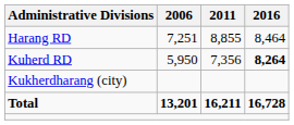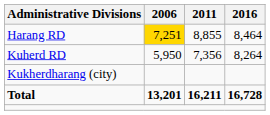 <table class="wikitable">
 <tr>
 <th>Administrative Divisions</th>
 <th>2006</th>
 <th>2011</th>
 <th>2016</th>
 </tr>
 <tr>
 <td><a href='#'>Harang RD</a></td>
-<td style="text-align: right;">7,251</td>
+<td style="background: gold; text-align: right;">7,251</td>
 <td style="text-align: right;">8,855</td>
 <td style="text-align: right;">8,464</td>
 </tr>
 <tr>
 <td><a href='#'>Kuherd RD</a></td>
 <td style="text-align: right;">5,950</td>
 <td style="text-align: right;">7,356</td>
-<td style="text-align: right;"><strong>8,264</strong></td>
+<td style="text-align: right;">8,264</td>
 </tr>
 <tr>
 <td><a href='#'>Kukherdharang</a> (city)</td>
 <td style="text-align: right;"></td>
 <td style="text-align: right;"></td>
 <td style="text-align: right;"></td>
 </tr>
 <tr>
 <td><strong>Total</strong></td>
 <td style="text-align: right;"><strong>13,201</strong></td>
 <td style="text-align: right;"><strong>16,211</strong></td>
 <td style="text-align: right;"><strong>16,728</strong></td>
 </tr>
 <tr>
 <td colspan=4></td>
 </tr>
 </table>
